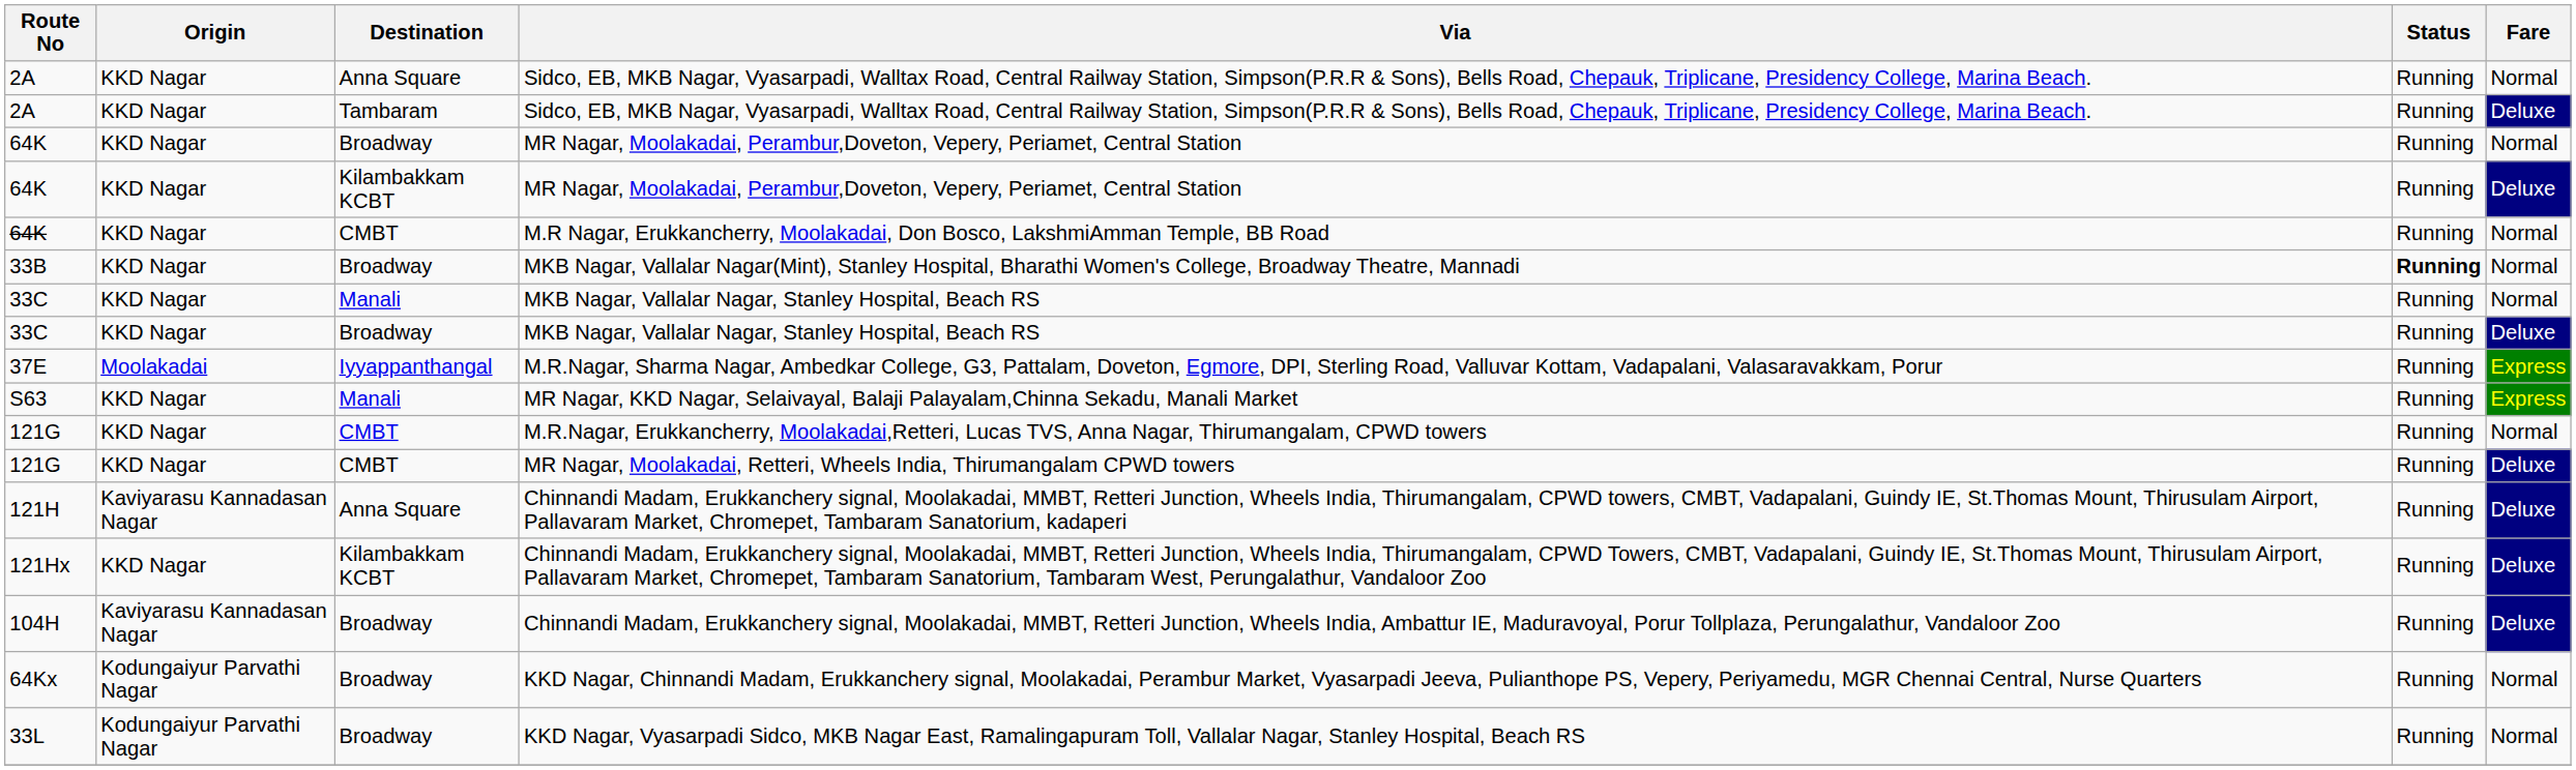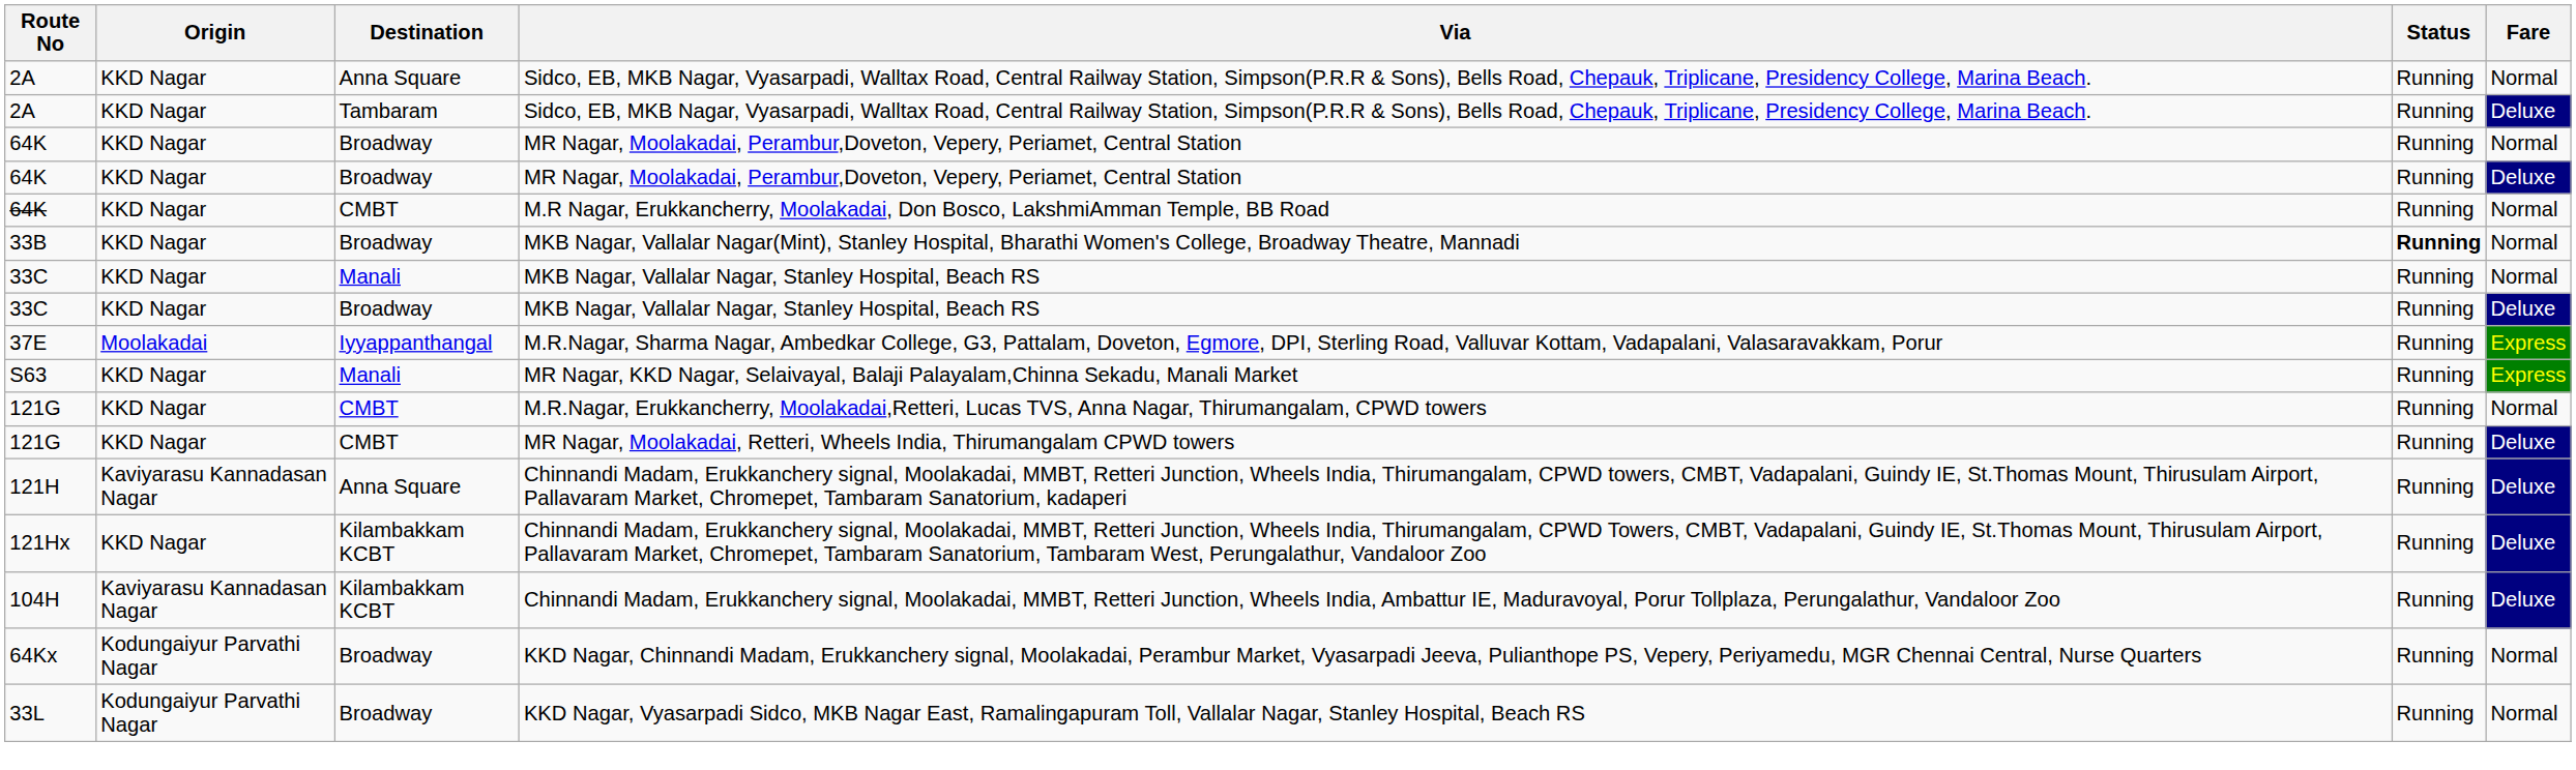 <table class="sortable wikitable">
 <tr>
 <th>Route No</th>
 <th>Origin</th>
 <th>Destination</th>
 <th>Via</th>
 <th>Status</th>
 <th>Fare</th>
 </tr>
 <tr>
 <td>2A</td>
 <td>KKD Nagar</td>
 <td>Anna Square</td>
 <td>Sidco, EB, MKB Nagar, Vyasarpadi, Walltax Road, Central Railway Station, Simpson(P.R.R & Sons), Bells Road, <a href='#'>Chepauk</a>, <a href='#'>Triplicane</a>, <a href='#'>Presidency College</a>, <a href='#'>Marina Beach</a>.</td>
 <td>Running</td>
 <td>Normal</td>
 </tr>
 <tr>
 <td>2A</td>
 <td>KKD Nagar</td>
 <td>Tambaram</td>
 <td>Sidco, EB, MKB Nagar, Vyasarpadi, Walltax Road, Central Railway Station, Simpson(P.R.R & Sons), Bells Road, <a href='#'>Chepauk</a>, <a href='#'>Triplicane</a>, <a href='#'>Presidency College</a>, <a href='#'>Marina Beach</a>.</td>
 <td>Running</td>
 <td style="background:navy; color:white">Deluxe</td>
 </tr>
 <tr>
 <td>64K</td>
 <td>KKD Nagar</td>
 <td>Broadway</td>
 <td>MR Nagar, <a href='#'>Moolakadai</a>, <a href='#'>Perambur</a>,Doveton, Vepery, Periamet, Central Station</td>
 <td>Running</td>
 <td>Normal</td>
 </tr>
 <tr>
 <td>64K</td>
 <td>KKD Nagar</td>
-<td>Kilambakkam KCBT</td>
+<td>Broadway</td>
 <td>MR Nagar, <a href='#'>Moolakadai</a>, <a href='#'>Perambur</a>,Doveton, Vepery, Periamet, Central Station</td>
 <td>Running</td>
 <td style="background:navy; color:white">Deluxe</td>
 </tr>
 <tr>
 <td><s>64K</s></td>
 <td>KKD Nagar</td>
 <td>CMBT</td>
 <td>M.R Nagar, Erukkancherry, <a href='#'>Moolakadai</a>, Don Bosco, LakshmiAmman Temple, BB Road</td>
 <td>Running</td>
 <td>Normal</td>
 </tr>
 <tr>
 <td>33B</td>
 <td>KKD Nagar</td>
 <td>Broadway</td>
 <td>MKB Nagar, Vallalar Nagar(Mint), Stanley Hospital, Bharathi Women's College, Broadway Theatre, Mannadi</td>
 <td><strong>Running</strong></td>
 <td>Normal</td>
 </tr>
 <tr>
 <td>33C</td>
 <td>KKD Nagar</td>
 <td><a href='#'>Manali</a></td>
 <td>MKB Nagar, Vallalar Nagar, Stanley Hospital, Beach RS</td>
 <td>Running</td>
 <td>Normal</td>
 </tr>
 <tr>
 <td>33C</td>
 <td>KKD Nagar</td>
 <td>Broadway</td>
 <td>MKB Nagar, Vallalar Nagar, Stanley Hospital, Beach RS</td>
 <td>Running</td>
 <td style="background:navy; color:white">Deluxe</td>
 </tr>
 <tr>
 <td>37E</td>
 <td><a href='#'>Moolakadai</a></td>
 <td><a href='#'>Iyyappanthangal</a></td>
 <td>M.R.Nagar, Sharma Nagar, Ambedkar College, G3, Pattalam, Doveton, <a href='#'>Egmore</a>, DPI, Sterling Road, Valluvar Kottam, Vadapalani, Valasaravakkam, Porur</td>
 <td>Running</td>
 <td style="background:green; color:yellow">Express</td>
 </tr>
 <tr>
 <td>S63</td>
 <td>KKD Nagar</td>
 <td><a href='#'>Manali</a></td>
 <td>MR Nagar, KKD Nagar, Selaivayal, Balaji Palayalam,Chinna Sekadu, Manali Market</td>
 <td>Running</td>
 <td style="background:green; color:yellow">Express</td>
 </tr>
 <tr>
 <td>121G</td>
 <td>KKD Nagar</td>
 <td><a href='#'>CMBT</a></td>
 <td>M.R.Nagar, Erukkancherry, <a href='#'>Moolakadai</a>,Retteri, Lucas TVS, Anna Nagar, Thirumangalam, CPWD towers</td>
 <td>Running</td>
 <td>Normal</td>
 </tr>
 <tr>
 <td>121G</td>
 <td>KKD Nagar</td>
 <td>CMBT</td>
 <td>MR Nagar, <a href='#'>Moolakadai</a>, Retteri, Wheels India, Thirumangalam CPWD towers</td>
 <td>Running</td>
 <td style="background:navy; color:white">Deluxe</td>
 </tr>
 <tr>
 <td>121H</td>
 <td>Kaviyarasu Kannadasan Nagar</td>
 <td>Anna Square</td>
 <td>Chinnandi Madam, Erukkanchery signal, Moolakadai, MMBT, Retteri Junction, Wheels India, Thirumangalam, CPWD towers, CMBT, Vadapalani, Guindy IE, St.Thomas Mount, Thirusulam Airport, Pallavaram Market, Chromepet, Tambaram Sanatorium, kadaperi</td>
 <td>Running</td>
 <td style="background:navy; color:white">Deluxe</td>
 </tr>
 <tr>
 <td>121Hx</td>
 <td>KKD Nagar</td>
 <td>Kilambakkam KCBT</td>
 <td>Chinnandi Madam, Erukkanchery signal, Moolakadai, MMBT, Retteri Junction, Wheels India, Thirumangalam, CPWD Towers, CMBT, Vadapalani, Guindy IE, St.Thomas Mount, Thirusulam Airport, Pallavaram Market, Chromepet, Tambaram Sanatorium, Tambaram West, Perungalathur, Vandaloor Zoo</td>
 <td>Running</td>
 <td style="background:navy; color:white">Deluxe</td>
 </tr>
 <tr>
 <td>104H</td>
 <td>Kaviyarasu Kannadasan Nagar</td>
-<td>Broadway</td>
+<td>Kilambakkam KCBT</td>
 <td>Chinnandi Madam, Erukkanchery signal, Moolakadai, MMBT, Retteri Junction, Wheels India, Ambattur IE, Maduravoyal, Porur Tollplaza, Perungalathur, Vandaloor Zoo</td>
 <td>Running</td>
 <td style="background:navy; color:white">Deluxe</td>
 </tr>
 <tr>
 <td>64Kx</td>
 <td>Kodungaiyur Parvathi Nagar</td>
 <td>Broadway</td>
 <td>KKD Nagar, Chinnandi Madam, Erukkanchery signal, Moolakadai, Perambur Market, Vyasarpadi Jeeva, Pulianthope PS, Vepery, Periyamedu, MGR Chennai Central, Nurse Quarters</td>
 <td>Running</td>
 <td>Normal</td>
 </tr>
 <tr>
 <td>33L</td>
 <td>Kodungaiyur Parvathi Nagar</td>
 <td>Broadway</td>
 <td>KKD Nagar, Vyasarpadi Sidco, MKB Nagar East, Ramalingapuram Toll, Vallalar Nagar, Stanley Hospital, Beach RS</td>
 <td>Running</td>
 <td>Normal</td>
 </tr>
 <tr>
 </tr>
 </table>
